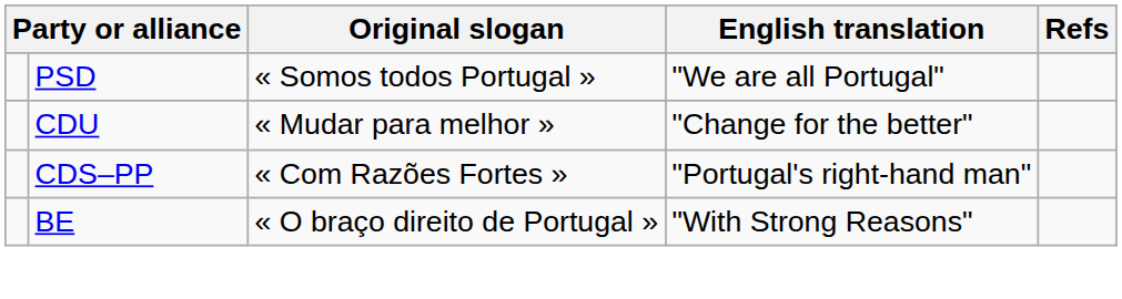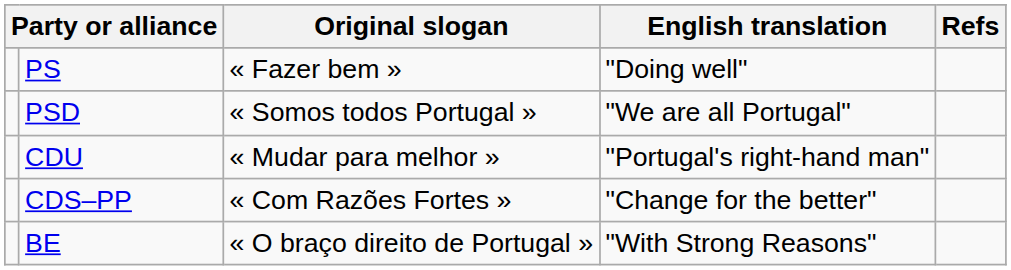 <table class="wikitable" style="font-size:97%; text-align:left;">
 <tr>
 <th style="text-align:left;" colspan="2">Party or alliance</th>
 <th>Original slogan</th>
 <th>English translation</th>
 <th>Refs</th>
+</tr>
+<tr>
+<td width="1" style="color:inherit;background:"></td>
+<td><a href='#'>PS</a></td>
+<td>« Fazer bem »</td>
+<td>"Doing well"</td>
+<td></td>
 </tr>
 <tr>
 <td style="color:inherit;background:"></td>
 <td><a href='#'>PSD</a></td>
 <td>« Somos todos Portugal »</td>
 <td>"We are all Portugal"</td>
 <td></td>
 </tr>
 <tr>
 <td style="color:inherit;background:"></td>
 <td><a href='#'>CDU</a></td>
 <td>« Mudar para melhor »</td>
-<td>"Change for the better"</td>
+<td>"Portugal's right-hand man"</td>
 <td></td>
 </tr>
 <tr>
 <td style="color:inherit;background:"></td>
 <td><a href='#'>CDS–PP</a></td>
 <td>« Com Razões Fortes »</td>
-<td>"Portugal's right-hand man"</td>
+<td>"Change for the better"</td>
 <td></td>
 </tr>
 <tr>
 <td style="color:inherit;background:"></td>
 <td><a href='#'>BE</a></td>
 <td>« O braço direito de Portugal »</td>
 <td>"With Strong Reasons"</td>
 <td></td>
 </tr>
 </table>
